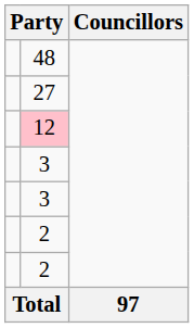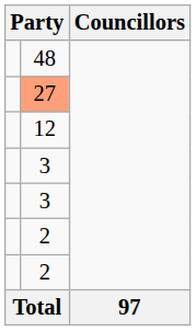 <table class="wikitable">
 <tr>
 <th colspan=2>Party</th>
 <th>Councillors</th>
 </tr>
 <tr>
 <td></td>
 <td align=center>48</td>
 </tr>
 <tr>
 <td></td>
-<td align=center>27</td>
+<td align=center style="background: lightsalmon;">27</td>
 </tr>
 <tr>
 <td></td>
-<td align=center style="background: pink;">12</td>
+<td align=center>12</td>
 </tr>
 <tr>
 <td></td>
 <td align=center>3</td>
 </tr>
 <tr>
 <td></td>
 <td align=center>3</td>
 </tr>
 <tr>
 <td></td>
 <td align=center>2</td>
 </tr>
 <tr>
 <td></td>
 <td align=center>2</td>
 </tr>
 <tr>
 <th colspan=2>Total</th>
 <th>97</th>
 </tr>
 </table>
